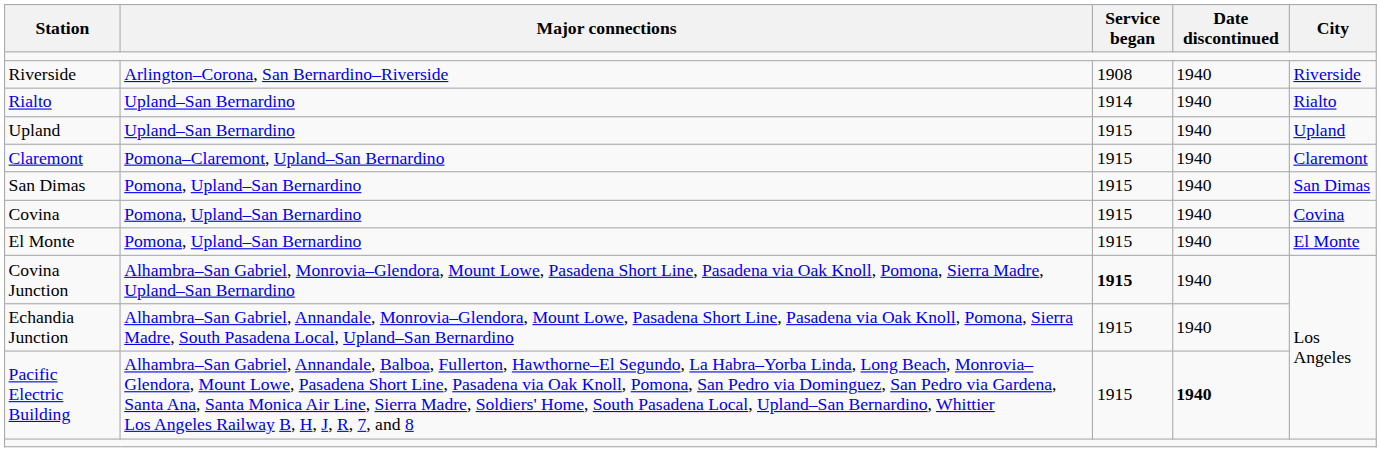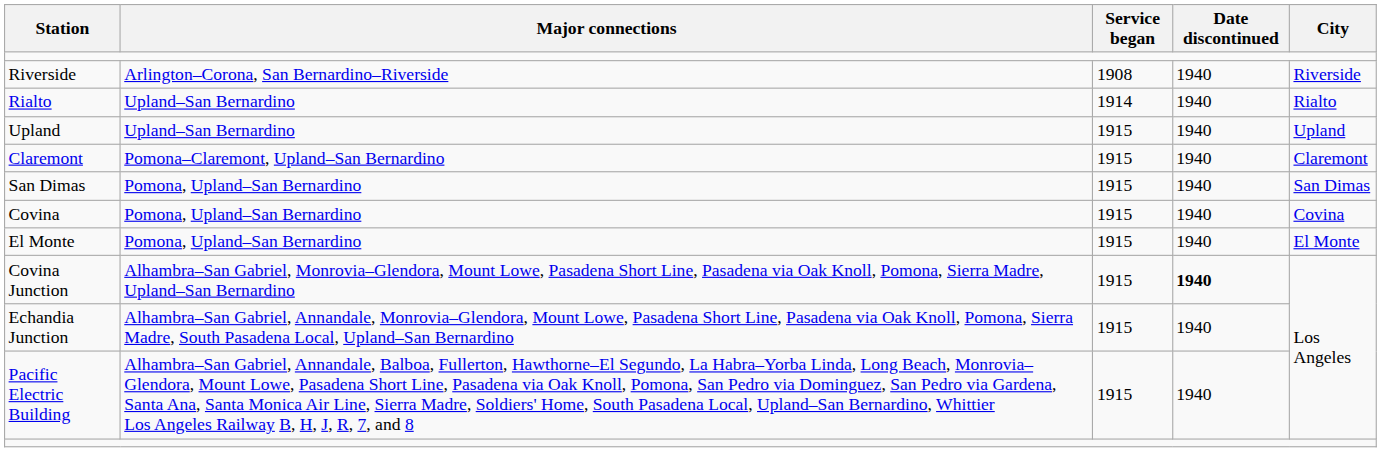 <table class="wikitable">
 <tr>
 <th>Station</th>
 <th>Major connections</th>
 <th>Service began</th>
 <th>Date discontinued</th>
 <th>City</th>
 </tr>
 <tr>
 <td colspan = "5"></td>
 </tr>
 <tr>
 <td>Riverside</td>
 <td><a href='#'>Arlington–Corona</a>, <a href='#'>San Bernardino–Riverside</a></td>
 <td>1908</td>
 <td>1940</td>
 <td rowspan=1><a href='#'>Riverside</a></td>
 </tr>
 <tr>
 <td><a href='#'>Rialto</a></td>
 <td><a href='#'>Upland–San Bernardino</a></td>
 <td>1914</td>
 <td>1940</td>
 <td rowspan=1><a href='#'>Rialto</a></td>
 </tr>
 <tr>
 <td>Upland</td>
 <td><a href='#'>Upland–San Bernardino</a></td>
 <td>1915</td>
 <td>1940</td>
 <td rowspan=1><a href='#'>Upland</a></td>
 </tr>
 <tr>
 <td><a href='#'>Claremont</a></td>
 <td><a href='#'>Pomona–Claremont</a>, <a href='#'>Upland–San Bernardino</a></td>
 <td>1915</td>
 <td>1940</td>
 <td rowspan=1><a href='#'>Claremont</a></td>
 </tr>
 <tr>
 <td>San Dimas</td>
 <td><a href='#'>Pomona</a>, <a href='#'>Upland–San Bernardino</a></td>
 <td>1915</td>
 <td>1940</td>
 <td rowspan=1><a href='#'>San Dimas</a></td>
 </tr>
 <tr>
 <td>Covina</td>
 <td><a href='#'>Pomona</a>, <a href='#'>Upland–San Bernardino</a></td>
 <td>1915</td>
 <td>1940</td>
 <td rowspan=1><a href='#'>Covina</a></td>
 </tr>
 <tr>
 <td>El Monte</td>
 <td><a href='#'>Pomona</a>, <a href='#'>Upland–San Bernardino</a></td>
 <td>1915</td>
 <td>1940</td>
 <td rowspan=1><a href='#'>El Monte</a></td>
 </tr>
 <tr>
 <td>Covina Junction</td>
 <td><a href='#'>Alhambra–San Gabriel</a>, <a href='#'>Monrovia–Glendora</a>, <a href='#'>Mount Lowe</a>, <a href='#'>Pasadena Short Line</a>, <a href='#'>Pasadena via Oak Knoll</a>, <a href='#'>Pomona</a>, <a href='#'>Sierra Madre</a>, <a href='#'>Upland–San Bernardino</a></td>
-<td><strong>1915</strong></td>
-<td>1940</td>
+<td>1915</td>
+<td><strong>1940</strong></td>
 <td rowspan=3>Los Angeles</td>
 </tr>
 <tr>
 <td>Echandia Junction</td>
 <td><a href='#'>Alhambra–San Gabriel</a>, <a href='#'>Annandale</a>, <a href='#'>Monrovia–Glendora</a>, <a href='#'>Mount Lowe</a>, <a href='#'>Pasadena Short Line</a>, <a href='#'>Pasadena via Oak Knoll</a>, <a href='#'>Pomona</a>, <a href='#'>Sierra Madre</a>, <a href='#'>South Pasadena Local</a>, <a href='#'>Upland–San Bernardino</a></td>
 <td>1915</td>
 <td>1940</td>
 </tr>
 <tr>
 <td><a href='#'>Pacific Electric Building</a></td>
 <td><a href='#'>Alhambra–San Gabriel</a>, <a href='#'>Annandale</a>, <a href='#'>Balboa</a>, <a href='#'>Fullerton</a>, <a href='#'>Hawthorne–El Segundo</a>, <a href='#'>La Habra–Yorba Linda</a>, <a href='#'>Long Beach</a>, <a href='#'>Monrovia–Glendora</a>, <a href='#'>Mount Lowe</a>, <a href='#'>Pasadena Short Line</a>, <a href='#'>Pasadena via Oak Knoll</a>, <a href='#'>Pomona</a>, <a href='#'>San Pedro via Dominguez</a>, <a href='#'>San Pedro via Gardena</a>, <a href='#'>Santa Ana</a>, <a href='#'>Santa Monica Air Line</a>, <a href='#'>Sierra Madre</a>, <a href='#'>Soldiers' Home</a>, <a href='#'>South Pasadena Local</a>, <a href='#'>Upland–San Bernardino</a>, <a href='#'>Whittier</a><br><a href='#'>Los Angeles Railway</a> <a href='#'>B</a>, <a href='#'>H</a>, <a href='#'>J</a>, <a href='#'>R</a>, <a href='#'>7</a>, and <a href='#'>8</a></td>
 <td>1915</td>
-<td><strong>1940</strong></td>
+<td>1940</td>
 </tr>
 <tr>
 <td colspan = "5"></td>
 </tr>
 </table>
